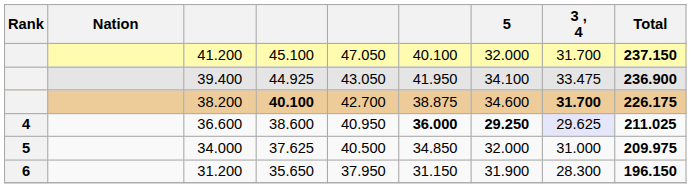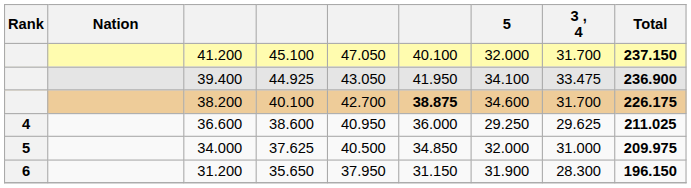 <table class="wikitable sortable" style="text-align:center; font-size:85%">
 <tr>
 <th scope="col" style="width:20px;">Rank</th>
 <th ! scope="col" style="width:120px;">Nation</th>
 <th ! scope="col" style="width:60px;"></th>
 <th ! scope="col" style="width:60px;"></th>
 <th ! scope="col" style="width:60px;"></th>
 <th ! scope="col" style="width:60px;"></th>
 <th ! scope="col" style="width:60px;">5 </th>
 <th ! scope="col" style="width:60px;">3 ,<br>4 </th>
 <th ! scope="col" style="width:60px;">Total</th>
 </tr>
 <tr bgcolor=fffcaf>
 <th scope=row></th>
 <td align=left></td>
 <td>41.200</td>
 <td>45.100</td>
 <td>47.050</td>
 <td>40.100</td>
 <td>32.000</td>
 <td>31.700</td>
 <td><strong>237.150</strong></td>
 </tr>
 <tr bgcolor=e5e5e5>
 <th scope=row></th>
 <td align=left></td>
 <td>39.400</td>
 <td>44.925</td>
 <td>43.050</td>
 <td>41.950</td>
 <td>34.100</td>
 <td>33.475</td>
 <td><strong>236.900</strong></td>
 </tr>
 <tr bgcolor=eecc99>
 <th scope=row></th>
 <td align=left></td>
 <td>38.200</td>
-<td><strong>40.100</strong></td>
+<td>40.100</td>
 <td>42.700</td>
-<td>38.875</td>
+<td><strong>38.875</strong></td>
 <td>34.600</td>
-<td><strong>31.700</strong></td>
+<td>31.700</td>
 <td><strong>226.175</strong></td>
 </tr>
 <tr>
 <th scope=row>4</th>
 <td align=left></td>
 <td>36.600</td>
 <td>38.600</td>
 <td>40.950</td>
-<td><strong>36.000</strong></td>
-<td><strong>29.250</strong></td>
-<td style="background: lavender;">29.625</td>
+<td>36.000</td>
+<td>29.250</td>
+<td>29.625</td>
 <td><strong>211.025</strong></td>
 </tr>
 <tr>
 <th scope=row>5</th>
 <td align=left></td>
 <td>34.000</td>
 <td>37.625</td>
 <td>40.500</td>
 <td>34.850</td>
 <td>32.000</td>
 <td>31.000</td>
 <td><strong>209.975</strong></td>
 </tr>
 <tr>
 <th scope=row>6</th>
 <td align=left></td>
 <td>31.200</td>
 <td>35.650</td>
 <td>37.950</td>
 <td>31.150</td>
 <td>31.900</td>
 <td>28.300</td>
 <td><strong>196.150</strong></td>
 </tr>
 <tr>
 </tr>
 </table>
